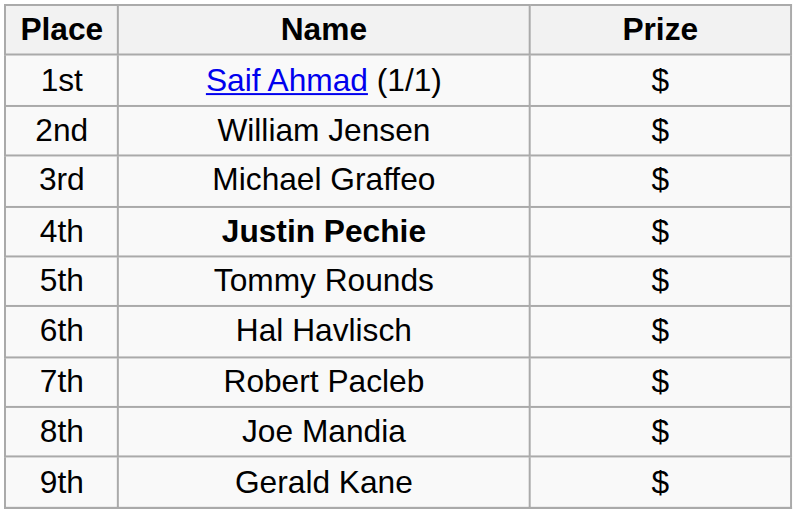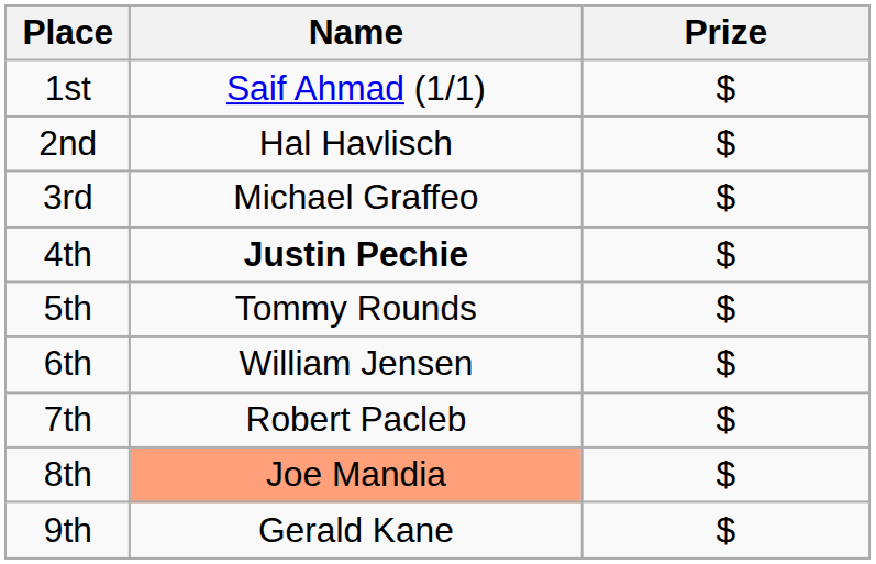 <table class="wikitable" style="text-align:center">
 <tr>
 <th width="50">Place</th>
 <th width="200">Name</th>
 <th width="125">Prize</th>
 </tr>
 <tr>
 <td>1st</td>
 <td><a href='#'>Saif Ahmad</a> (1/1)</td>
 <td>$</td>
 </tr>
 <tr>
 <td>2nd</td>
-<td>William Jensen</td>
+<td>Hal Havlisch</td>
 <td>$</td>
 </tr>
 <tr>
 <td>3rd</td>
 <td>Michael Graffeo</td>
 <td>$</td>
 </tr>
 <tr>
 <td>4th</td>
 <td><strong>Justin Pechie</strong></td>
 <td>$</td>
 </tr>
 <tr>
 <td>5th</td>
 <td>Tommy Rounds</td>
 <td>$</td>
 </tr>
 <tr>
 <td>6th</td>
-<td>Hal Havlisch</td>
+<td>William Jensen</td>
 <td>$</td>
 </tr>
 <tr>
 <td>7th</td>
 <td>Robert Pacleb</td>
 <td>$</td>
 </tr>
 <tr>
 <td>8th</td>
-<td>Joe Mandia</td>
+<td style="background: lightsalmon;">Joe Mandia</td>
 <td>$</td>
 </tr>
 <tr>
 <td>9th</td>
 <td>Gerald Kane</td>
 <td>$</td>
 </tr>
 <tr>
 </tr>
 </table>
